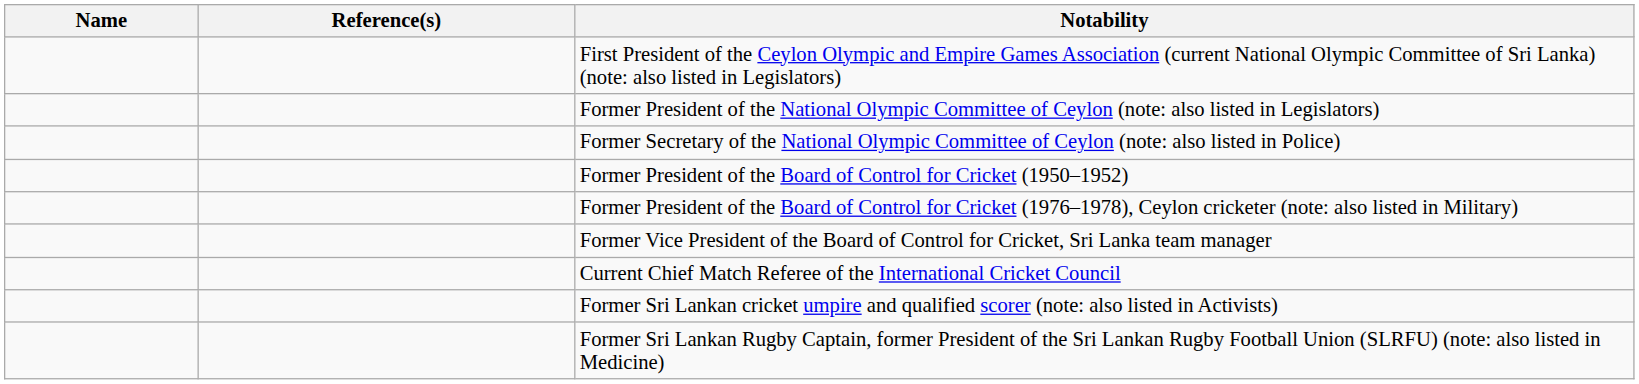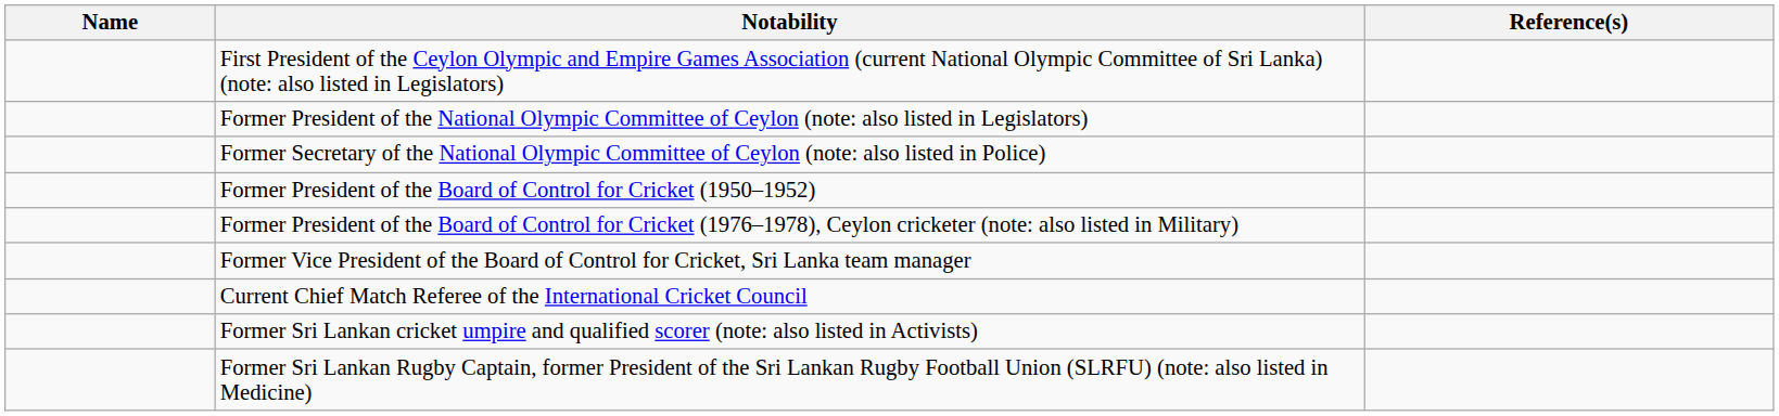 <table class="wikitable sortable" style="width:100%">
 <tr>
 <th style="width:*;">Name</th>
+<th style="width:65%;" class="unsortable">Notability</th>
 <th style="width:*;" class="unsortable">Reference(s)</th>
-<th style="width:65%;" class="unsortable">Notability</th>
 </tr>
 <tr>
 <td></td>
+<td>First President of the <a href='#'>Ceylon Olympic and Empire Games Association</a> (current National Olympic Committee of Sri Lanka) (note: also listed in Legislators)</td>
 <td style="text-align:center;"></td>
-<td>First President of the <a href='#'>Ceylon Olympic and Empire Games Association</a> (current National Olympic Committee of Sri Lanka) (note: also listed in Legislators)</td>
 </tr>
 <tr>
 <td></td>
+<td>Former President of the <a href='#'>National Olympic Committee of Ceylon</a> (note: also listed in Legislators)</td>
 <td style="text-align:center;"></td>
-<td>Former President of the <a href='#'>National Olympic Committee of Ceylon</a> (note: also listed in Legislators)</td>
 </tr>
 <tr>
 <td></td>
+<td>Former Secretary of the <a href='#'>National Olympic Committee of Ceylon</a> (note: also listed in Police)</td>
 <td style="text-align:center;"></td>
-<td>Former Secretary of the <a href='#'>National Olympic Committee of Ceylon</a> (note: also listed in Police)</td>
 </tr>
 <tr>
 <td></td>
+<td>Former President of the <a href='#'>Board of Control for Cricket</a> (1950–1952)</td>
 <td style="text-align:center;"></td>
-<td>Former President of the <a href='#'>Board of Control for Cricket</a> (1950–1952)</td>
 </tr>
 <tr>
 <td></td>
+<td>Former President of the <a href='#'>Board of Control for Cricket</a> (1976–1978), Ceylon cricketer (note: also listed in Military)</td>
 <td style="text-align:center;"></td>
-<td>Former President of the <a href='#'>Board of Control for Cricket</a> (1976–1978), Ceylon cricketer (note: also listed in Military)</td>
 </tr>
 <tr>
 <td></td>
+<td>Former Vice President of the Board of Control for Cricket, Sri Lanka team manager</td>
 <td style="text-align:center;"></td>
-<td>Former Vice President of the Board of Control for Cricket, Sri Lanka team manager</td>
 </tr>
 <tr>
 <td></td>
+<td>Current Chief Match Referee of the <a href='#'>International Cricket Council</a></td>
 <td style="text-align:center;"></td>
-<td>Current Chief Match Referee of the <a href='#'>International Cricket Council</a></td>
 </tr>
 <tr>
 <td></td>
+<td>Former Sri Lankan cricket <a href='#'>umpire</a> and qualified <a href='#'>scorer</a> (note: also listed in Activists)</td>
 <td style="text-align:center;"></td>
-<td>Former Sri Lankan cricket <a href='#'>umpire</a> and qualified <a href='#'>scorer</a> (note: also listed in Activists)</td>
 </tr>
 <tr>
 <td></td>
+<td>Former Sri Lankan Rugby Captain, former President of the Sri Lankan Rugby Football Union (SLRFU) (note: also listed in Medicine)</td>
 <td style="text-align:center;"></td>
-<td>Former Sri Lankan Rugby Captain, former President of the Sri Lankan Rugby Football Union (SLRFU) (note: also listed in Medicine)</td>
 </tr>
 </table>
